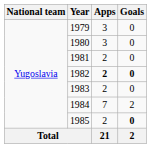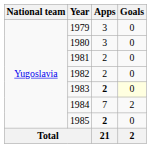 <table class="wikitable" style="text-align:center">
 <tr>
 <th>National team</th>
 <th>Year</th>
 <th>Apps</th>
 <th>Goals</th>
 </tr>
 <tr>
 <td rowspan="7"><a href='#'>Yugoslavia</a></td>
 <td>1979</td>
 <td>3</td>
 <td>0</td>
 </tr>
 <tr>
 <td>1980</td>
 <td>3</td>
 <td>0</td>
 </tr>
 <tr>
 <td>1981</td>
 <td>2</td>
 <td>0</td>
 </tr>
 <tr>
 <td>1982</td>
-<td><strong>2</strong></td>
-<td><strong>0</strong></td>
+<td>2</td>
+<td>0</td>
 </tr>
 <tr>
 <td>1983</td>
-<td>2</td>
-<td>0</td>
+<td><strong>2</strong></td>
+<td style="background: lightyellow;">0</td>
 </tr>
 <tr>
 <td>1984</td>
 <td>7</td>
 <td>2</td>
 </tr>
 <tr>
 <td>1985</td>
-<td>2</td>
-<td><strong>0</strong></td>
+<td><strong>2</strong></td>
+<td>0</td>
 </tr>
 <tr>
 <th colspan="2">Total</th>
 <th>21</th>
 <th>2</th>
 </tr>
 </table>
